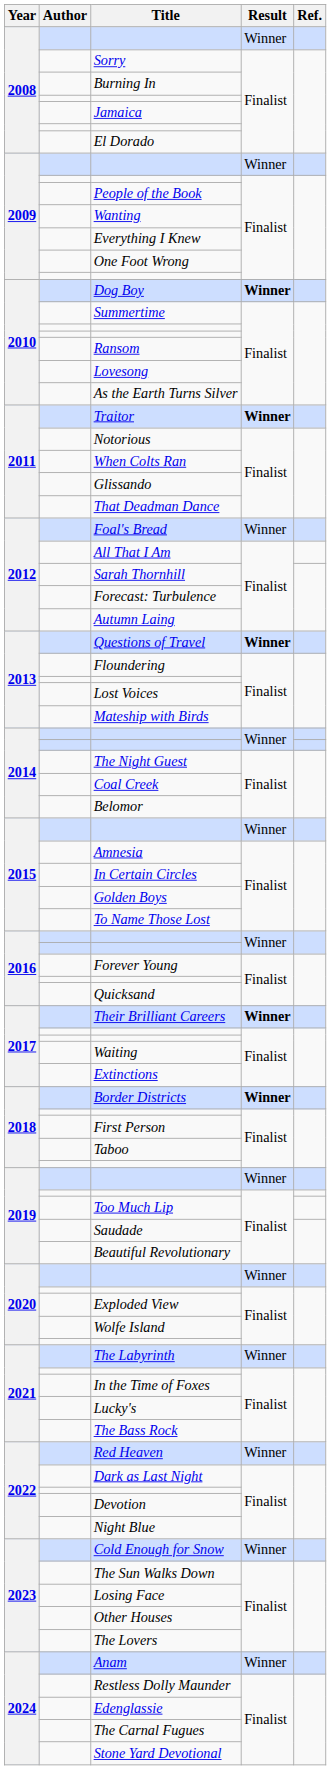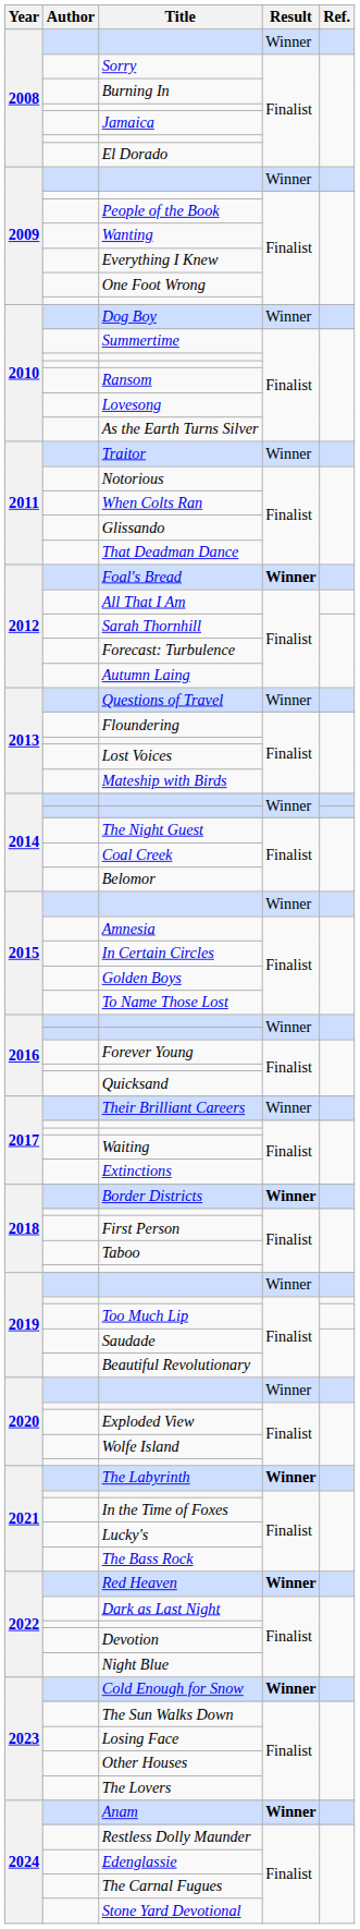 <table class="wikitable sortable mw-collapsible">
 <tr>
 <th>Year</th>
 <th>Author</th>
 <th>Title</th>
 <th>Result</th>
 <th>Ref.</th>
 </tr>
 <tr style="background:#cddeff">
 <th rowspan="7"><a href='#'>2008</a></th>
 <td></td>
 <td><em></em></td>
 <td>Winner</td>
 <td></td>
 </tr>
 <tr>
 <td></td>
 <td><em><a href='#'>Sorry</a></em></td>
 <td rowspan="6">Finalist</td>
 <td rowspan="6"></td>
 </tr>
 <tr>
 <td></td>
 <td><em>Burning In</em></td>
 </tr>
 <tr>
 <td></td>
 <td><em></em></td>
 </tr>
 <tr>
 <td></td>
 <td><em><a href='#'>Jamaica</a></em></td>
 </tr>
 <tr>
 <td></td>
 <td><em></em></td>
 </tr>
 <tr>
 <td></td>
 <td><em>El Dorado</em></td>
 </tr>
 <tr style="background:#cddeff">
 <th rowspan="7"><a href='#'>2009</a></th>
 <td></td>
 <td><em></em></td>
 <td>Winner</td>
 <td></td>
 </tr>
 <tr>
 <td></td>
 <td><em></em></td>
 <td rowspan="6">Finalist</td>
 <td rowspan="6"></td>
 </tr>
 <tr>
 <td></td>
 <td><em><a href='#'>People of the Book</a></em></td>
 </tr>
 <tr>
 <td></td>
 <td><em><a href='#'>Wanting</a></em></td>
 </tr>
 <tr>
 <td></td>
 <td><em>Everything I Knew</em></td>
 </tr>
 <tr>
 <td></td>
 <td><em>One Foot Wrong</em></td>
 </tr>
 <tr>
 <td></td>
 <td><em></em></td>
 </tr>
 <tr style="background:#cddeff">
 <th rowspan="7"><a href='#'>2010</a></th>
 <td></td>
 <td><em><a href='#'>Dog Boy</a></em></td>
-<td><strong>Winner</strong></td>
+<td>Winner</td>
 <td></td>
 </tr>
 <tr>
 <td></td>
 <td><em><a href='#'>Summertime</a></em></td>
 <td rowspan="6">Finalist</td>
 <td rowspan="6"></td>
 </tr>
 <tr>
 <td></td>
 <td><em></em></td>
 </tr>
 <tr>
 <td></td>
 <td><em></em></td>
 </tr>
 <tr>
 <td></td>
 <td><em><a href='#'>Ransom</a></em></td>
 </tr>
 <tr>
 <td></td>
 <td><em><a href='#'>Lovesong</a></em></td>
 </tr>
 <tr>
 <td></td>
 <td><em>As the Earth Turns Silver</em></td>
 </tr>
 <tr style="background:#cddeff">
 <th rowspan="5"><a href='#'>2011</a></th>
 <td></td>
 <td><em><a href='#'>Traitor</a></em></td>
-<td><strong>Winner</strong></td>
+<td>Winner</td>
 <td></td>
 </tr>
 <tr>
 <td></td>
 <td><em>Notorious</em></td>
 <td rowspan="4">Finalist</td>
 <td rowspan="4"></td>
 </tr>
 <tr>
 <td></td>
 <td><em><a href='#'>When Colts Ran</a></em></td>
 </tr>
 <tr>
 <td></td>
 <td><em>Glissando</em></td>
 </tr>
 <tr>
 <td></td>
 <td><em><a href='#'>That Deadman Dance</a></em></td>
 </tr>
 <tr style="background:#cddeff">
 <th rowspan="5"><a href='#'>2012</a></th>
 <td></td>
 <td><em><a href='#'>Foal's Bread</a></em></td>
-<td>Winner</td>
+<td><strong>Winner</strong></td>
 <td></td>
 </tr>
 <tr>
 <td></td>
 <td><em><a href='#'>All That I Am</a></em></td>
 <td rowspan="4">Finalist</td>
 <td><em></em></td>
 </tr>
 <tr>
 <td></td>
 <td><em><a href='#'>Sarah Thornhill</a></em></td>
 <td rowspan="3"></td>
 </tr>
 <tr>
 <td></td>
 <td><em>Forecast: Turbulence</em></td>
 </tr>
 <tr>
 <td></td>
 <td><em><a href='#'>Autumn Laing</a></em></td>
 </tr>
 <tr style="background:#cddeff">
 <th rowspan="5"><a href='#'>2013</a></th>
 <td></td>
 <td><em><a href='#'>Questions of Travel</a></em></td>
-<td><strong>Winner</strong></td>
+<td>Winner</td>
 <td></td>
 </tr>
 <tr>
 <td></td>
 <td><em>Floundering</em></td>
 <td rowspan="4">Finalist</td>
 <td rowspan="4"></td>
 </tr>
 <tr>
 <td></td>
 <td><em></em></td>
 </tr>
 <tr>
 <td></td>
 <td><em>Lost Voices</em></td>
 </tr>
 <tr>
 <td></td>
 <td><em><a href='#'>Mateship with Birds</a></em></td>
 </tr>
 <tr style="background:#cddeff">
 <th rowspan="5"><a href='#'>2014</a></th>
 <td></td>
 <td><em></em></td>
 <td rowspan="2">Winner</td>
 <td></td>
 </tr>
 <tr style="background:#cddeff">
 <td></td>
 <td><em></em></td>
 <td></td>
 </tr>
 <tr>
 <td></td>
 <td><em><a href='#'>The Night Guest</a></em></td>
 <td rowspan="3">Finalist</td>
 <td rowspan="3"></td>
 </tr>
 <tr>
 <td></td>
 <td><em><a href='#'>Coal Creek</a></em></td>
 </tr>
 <tr>
 <td></td>
 <td><em>Belomor</em></td>
 </tr>
 <tr style="background:#cddeff">
 <th rowspan="5"><a href='#'>2015</a></th>
 <td></td>
 <td><em></em></td>
 <td>Winner</td>
 <td></td>
 </tr>
 <tr>
 <td></td>
 <td><em><a href='#'>Amnesia</a></em></td>
 <td rowspan="4">Finalist</td>
 <td rowspan="4"></td>
 </tr>
 <tr>
 <td></td>
 <td><em><a href='#'>In Certain Circles</a></em></td>
 </tr>
 <tr>
 <td></td>
 <td><em><a href='#'>Golden Boys</a></em></td>
 </tr>
 <tr>
 <td></td>
 <td><em><a href='#'>To Name Those Lost</a></em></td>
 </tr>
 <tr style="background:#cddeff">
 <th rowspan="5"><a href='#'>2016</a></th>
 <td></td>
 <td><em></em></td>
 <td rowspan="2">Winner</td>
 <td rowspan="2"></td>
 </tr>
 <tr style="background:#cddeff">
 <td></td>
 <td><em></em></td>
 </tr>
 <tr>
 <td></td>
 <td><em>Forever Young</em></td>
 <td rowspan="3">Finalist</td>
 <td rowspan="3"></td>
 </tr>
 <tr>
 <td></td>
 <td><em></em></td>
 </tr>
 <tr>
 <td></td>
 <td><em>Quicksand</em></td>
 </tr>
 <tr style="background:#cddeff">
 <th rowspan="5"><a href='#'>2017</a></th>
 <td></td>
 <td><em><a href='#'>Their Brilliant Careers</a></em></td>
-<td><strong>Winner</strong></td>
+<td>Winner</td>
 <td></td>
 </tr>
 <tr>
 <td></td>
 <td><em></em></td>
 <td rowspan="4">Finalist</td>
 <td rowspan="4"></td>
 </tr>
 <tr>
 <td></td>
 <td><em></em></td>
 </tr>
 <tr>
 <td></td>
 <td><em>Waiting</em></td>
 </tr>
 <tr>
 <td></td>
 <td><em><a href='#'>Extinctions</a></em></td>
 </tr>
 <tr style="background:#cddeff">
 <th rowspan="5"><a href='#'>2018</a></th>
 <td></td>
 <td><em><a href='#'>Border Districts</a></em></td>
 <td><strong>Winner</strong></td>
 <td></td>
 </tr>
 <tr>
 <td></td>
 <td><em></em></td>
 <td rowspan="4">Finalist</td>
 <td rowspan="4"></td>
 </tr>
 <tr>
 <td></td>
 <td><em>First Person</em></td>
 </tr>
 <tr>
 <td></td>
 <td><em>Taboo</em></td>
 </tr>
 <tr>
 <td></td>
 <td><em></em></td>
 </tr>
 <tr style="background:#cddeff">
 <th rowspan="5"><a href='#'>2019</a></th>
 <td></td>
 <td><em></em></td>
 <td>Winner</td>
 <td><strong></strong></td>
 </tr>
 <tr>
 <td></td>
 <td><em></em></td>
 <td rowspan="4">Finalist</td>
 <td></td>
 </tr>
 <tr>
 <td></td>
 <td><em><a href='#'>Too Much Lip</a></em></td>
 <td></td>
 </tr>
 <tr>
 <td></td>
 <td><em>Saudade</em></td>
 <td rowspan="2"></td>
 </tr>
 <tr>
 <td></td>
 <td><em>Beautiful Revolutionary</em></td>
 </tr>
 <tr style="background:#cddeff">
 <th rowspan="5"><a href='#'>2020</a></th>
 <td></td>
 <td><em></em></td>
 <td>Winner</td>
 <td></td>
 </tr>
 <tr>
 <td></td>
 <td><em></em></td>
 <td rowspan="4">Finalist</td>
 <td rowspan="4"></td>
 </tr>
 <tr>
 <td></td>
 <td><em>Exploded View</em></td>
 </tr>
 <tr>
 <td></td>
 <td><em>Wolfe Island</em></td>
 </tr>
 <tr>
 <td></td>
 <td><em></em></td>
 </tr>
 <tr style="background:#cddeff">
 <th rowspan="5"><a href='#'>2021</a></th>
 <td></td>
 <td><em><a href='#'>The Labyrinth</a></em></td>
-<td>Winner</td>
+<td><strong>Winner</strong></td>
 <td><strong></strong></td>
 </tr>
 <tr>
 <td></td>
 <td><em></em></td>
 <td rowspan="4">Finalist</td>
 <td rowspan="4"></td>
 </tr>
 <tr>
 <td></td>
 <td><em>In the Time of Foxes</em></td>
 </tr>
 <tr>
 <td></td>
 <td><em>Lucky's</em></td>
 </tr>
 <tr>
 <td></td>
 <td><em><a href='#'>The Bass Rock</a></em></td>
 </tr>
 <tr style="background:#cddeff">
 <th rowspan="5"><a href='#'>2022</a></th>
 <td></td>
 <td><em><a href='#'>Red Heaven</a></em></td>
-<td>Winner</td>
+<td><strong>Winner</strong></td>
 <td><strong></strong></td>
 </tr>
 <tr>
 <td></td>
 <td><em><a href='#'>Dark as Last Night</a></em></td>
 <td rowspan="4">Finalist</td>
 <td rowspan="4"></td>
 </tr>
 <tr>
 <td></td>
 <td><em></em></td>
 </tr>
 <tr>
 <td></td>
 <td><em>Devotion</em></td>
 </tr>
 <tr>
 <td></td>
 <td><em>Night Blue</em></td>
 </tr>
 <tr style="background:#cddeff">
 <th rowspan="5"><a href='#'>2023</a></th>
 <td></td>
 <td><em><a href='#'>Cold Enough for Snow</a></em></td>
-<td>Winner</td>
+<td><strong>Winner</strong></td>
 <td></td>
 </tr>
 <tr>
 <td></td>
 <td><em>The Sun Walks Down</em></td>
 <td rowspan="4">Finalist</td>
 <td rowspan="4"></td>
 </tr>
 <tr>
 <td></td>
 <td><em>Losing Face</em></td>
 </tr>
 <tr>
 <td></td>
 <td><em>Other Houses</em></td>
 </tr>
 <tr>
 <td></td>
 <td><em>The Lovers</em></td>
 </tr>
 <tr style="background:#cddeff">
 <th rowspan="5"><a href='#'>2024</a></th>
 <td></td>
 <td><em><a href='#'>Anam</a></em></td>
-<td>Winner</td>
+<td><strong>Winner</strong></td>
 <td></td>
 </tr>
 <tr>
 <td></td>
 <td><em>Restless Dolly Maunder</em></td>
 <td rowspan="4">Finalist</td>
 <td rowspan="4"></td>
 </tr>
 <tr>
 <td></td>
 <td><em><a href='#'>Edenglassie</a></em></td>
 </tr>
 <tr>
 <td></td>
 <td><em>The Carnal Fugues</em></td>
 </tr>
 <tr>
 <td></td>
 <td><em><a href='#'>Stone Yard Devotional</a></em></td>
 </tr>
 </table>
